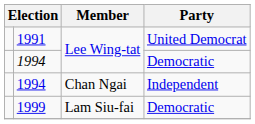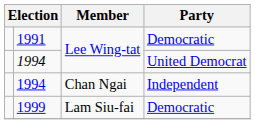 <table class="wikitable">
 <tr>
 <th colspan="2">Election</th>
 <th>Member</th>
 <th>Party</th>
 </tr>
 <tr>
 <td style="background-color: "></td>
 <td><a href='#'>1991</a></td>
 <td rowspan=2><a href='#'>Lee Wing-tat</a></td>
-<td><a href='#'>United Democrat</a></td>
+<td><a href='#'>Democratic</a></td>
 </tr>
 <tr>
 <td style="background-color: "></td>
 <td><em>1994</em></td>
-<td><a href='#'>Democratic</a></td>
+<td><a href='#'>United Democrat</a></td>
 </tr>
 <tr>
 <td style="background-color: "></td>
 <td><a href='#'>1994</a></td>
 <td>Chan Ngai</td>
 <td><a href='#'>Independent</a></td>
 </tr>
 <tr>
 <td style="background-color: "></td>
 <td><a href='#'>1999</a></td>
 <td>Lam Siu-fai</td>
 <td><a href='#'>Democratic</a></td>
 </tr>
 <tr>
 </tr>
 </table>
